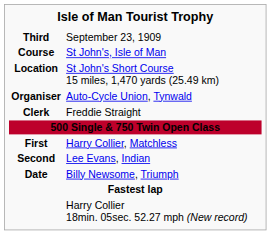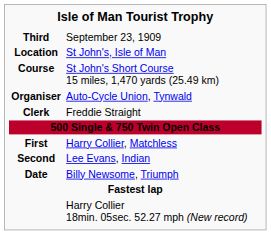 <table class="infobox" style="width:25em; font-size:80%;">
 <tr>
 <th colspan="2"  style="background:; text-align:center;"><big>Isle of Man Tourist Trophy</big></th>
 </tr>
 <tr>
 <th colspan="2"></th>
 </tr>
 <tr>
 <th>Third</th>
 <td valign="top">September 23, 1909</td>
 </tr>
 <tr>
-<th>Course</th>
+<th>Location</th>
 <td valign="top"><a href='#'>St John's, Isle of Man</a></td>
 </tr>
 <tr>
-<th>Location</th>
+<th>Course</th>
 <td valign="top"><a href='#'>St John's Short Course</a> <br> 15 miles, 1,470 yards (25.49 km)</td>
 </tr>
 <tr>
 <th>Organiser</th>
 <td valign="top"><a href='#'>Auto-Cycle Union</a>, <a href='#'>Tynwald</a></td>
 </tr>
 <tr>
 <th>Clerk</th>
 <td valign="top">Freddie Straight</td>
 </tr>
 <tr>
 <th colspan="2"  style="background:#bd002b; text-align:center;"><span>500 Single & 750 Twin Open Class</span></th>
 </tr>
 <tr>
 <th>First</th>
 <td valign="top"><a href='#'>Harry Collier</a>, <a href='#'>Matchless</a></td>
 </tr>
 <tr>
 <th>Second</th>
 <td valign="top"><a href='#'>Lee Evans</a>, <a href='#'>Indian</a></td>
 </tr>
 <tr>
 <th>Date</th>
 <td valign="top"><a href='#'>Billy Newsome</a>, <a href='#'>Triumph</a></td>
 </tr>
 <tr>
 <th colspan="2"  style="background:#; text-align:center;">Fastest lap</th>
 </tr>
 <tr>
 <th></th>
 <td valign="top">Harry Collier <br> 18min. 05sec. 52.27 mph <em>(New record)</em></td>
 </tr>
 <tr>
 </tr>
 </table>
